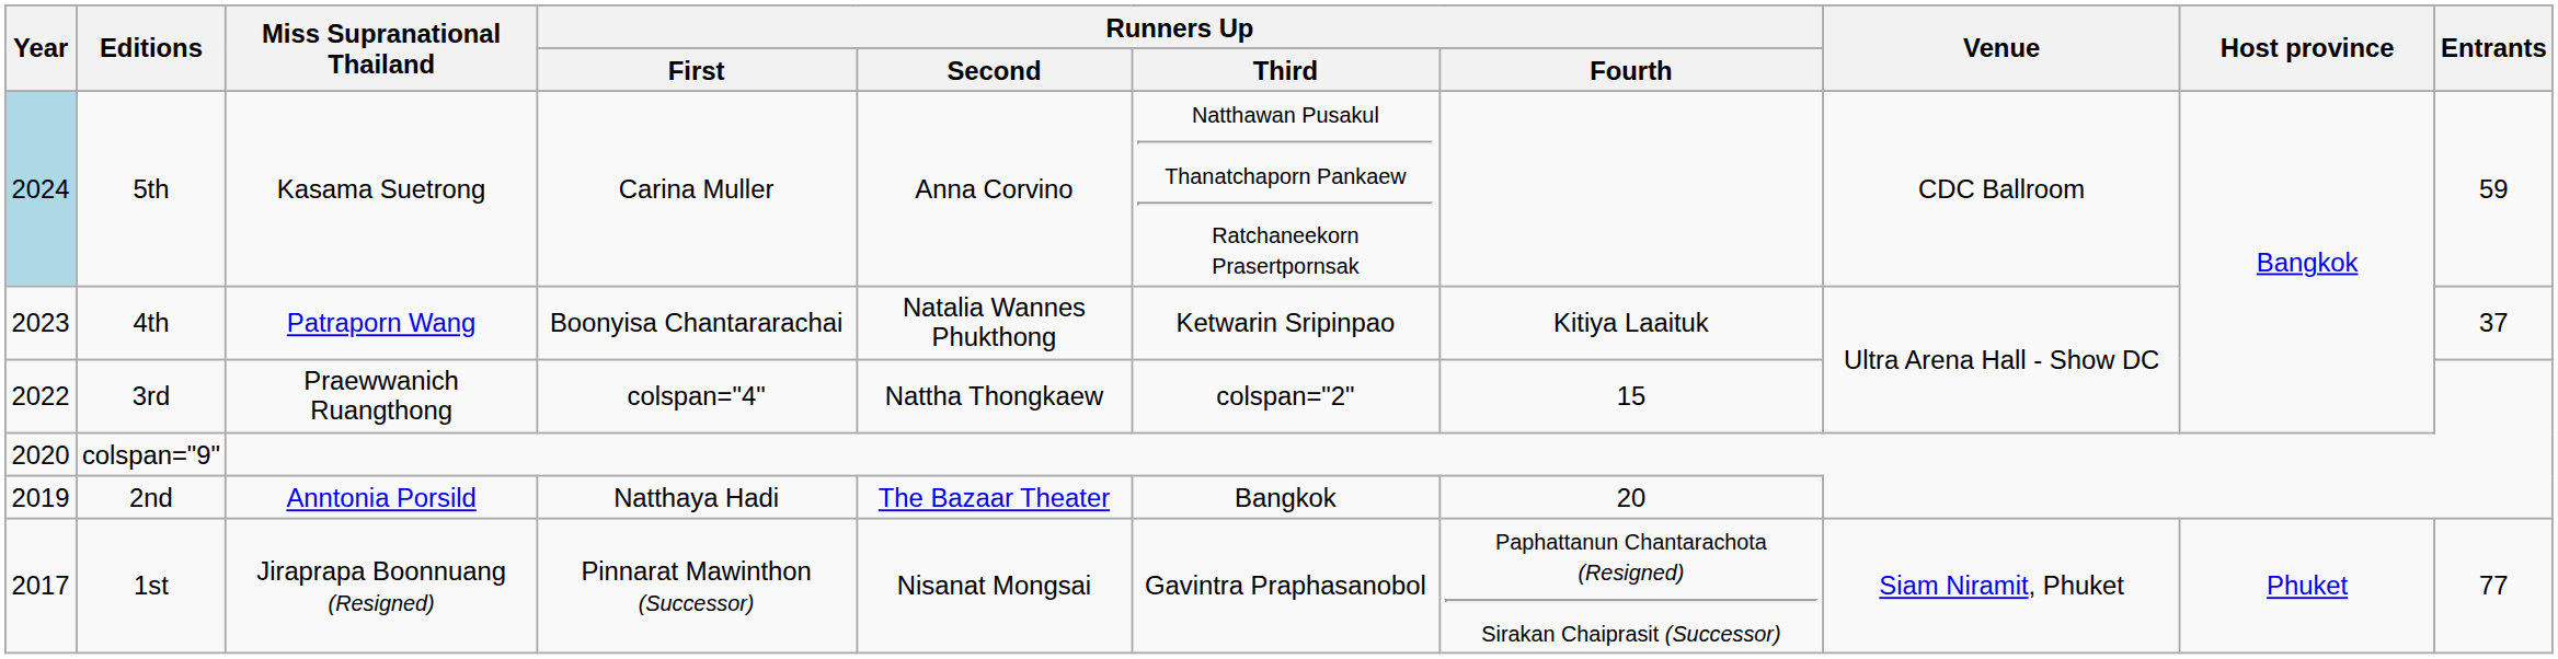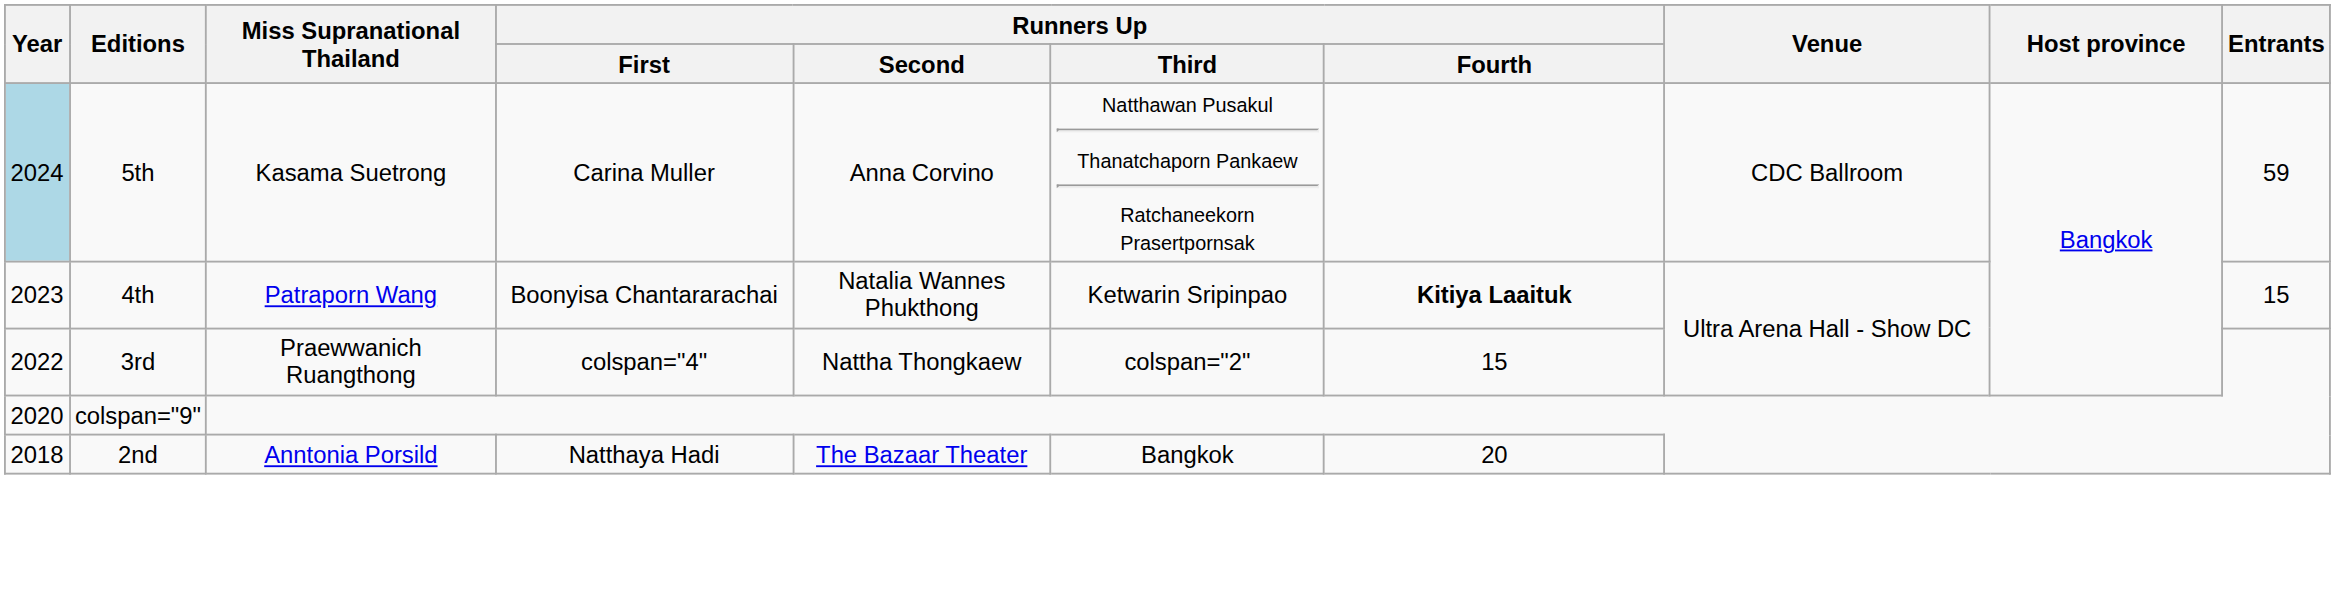 <table class="wikitable" style="font-size: 80%;">
 <tr>
 <th rowspan="2" width="1%">Year</th>
 <th rowspan="2" width="1%">Editions</th>
 <th rowspan="2"  width="202">Miss Supranational Thailand</th>
 <th colspan="4" width="900">Runners Up</th>
 <th rowspan="2" width="14%">Venue</th>
 <th rowspan="2" width="10%">Host province</th>
 <th rowspan="2" width="1%">Entrants</th>
 </tr>
 <tr>
 <th width="190">First</th>
 <th width="170">Second</th>
 <th width="180">Third</th>
 <th width="260">Fourth</th>
 </tr>
 <tr style="text-align:center;">
 <td style="background: lightblue;">2024</td>
 <td>5th</td>
 <td>Kasama Suetrong<br></td>
 <td>Carina Muller<br></td>
 <td>Anna Corvino<br></td>
 <td><small>Natthawan Pusakul<br></small><hr> <small>Thanatchaporn Pankaew<br></small><hr> <small>Ratchaneekorn Prasertpornsak<br></small></td>
 <td></td>
 <td>CDC Ballroom</td>
 <td rowspan="3"><a href='#'>Bangkok</a></td>
 <td>59</td>
 </tr>
 <tr style="text-align:center;">
 <td>2023</td>
 <td>4th</td>
 <td><a href='#'>Patraporn Wang</a><br></td>
 <td>Boonyisa Chantararachai<br></td>
 <td>Natalia Wannes Phukthong<br></td>
 <td>Ketwarin Sripinpao<br></td>
-<td>Kitiya Laaituk<br></td>
+<td><strong>Kitiya Laaituk<br></strong></td>
 <td rowspan="2">Ultra Arena Hall - Show DC</td>
-<td>37</td>
+<td>15</td>
 </tr>
 <tr style="text-align:center;">
 <td>2022</td>
 <td>3rd</td>
 <td>Praewwanich Ruangthong<br></td>
 <td>colspan="4" </td>
 <td>Nattha Thongkaew<br></td>
 <td>colspan="2" </td>
 <td>15</td>
 </tr>
 <tr style="text-align:center;">
 <td>2020</td>
 <td>colspan="9" </td>
 </tr>
 <tr style="text-align:center;">
-<td>2019</td>
+<td>2018</td>
 <td>2nd</td>
 <td><a href='#'>Anntonia Porsild</a><br></td>
 <td>Natthaya Hadi<br></td>
 <td><a href='#'>The Bazaar Theater</a></td>
 <td>Bangkok</td>
 <td>20</td>
 </tr>
-<tr style="text-align:center;">
-<td>2017</td>
-<td>1st</td>
-<td>Jiraprapa Boonnuang <em><small>(Resigned)</small></em> <br></td>
-<td>Pinnarat Mawinthon <em><small>(Successor)</small></em> <br></td>
-<td>Nisanat Mongsai<br></td>
-<td>Gavintra Praphasanobol<br></td>
-<td><small>Paphattanun Chantarachota <em>(Resigned)</em><br></small><hr> <small>Sirakan Chaiprasit <em>(Successor)</em><br></small></td>
-<td><a href='#'>Siam Niramit</a>, Phuket</td>
-<td><a href='#'>Phuket</a></td>
-<td>77</td>
-</tr>
 </table>
